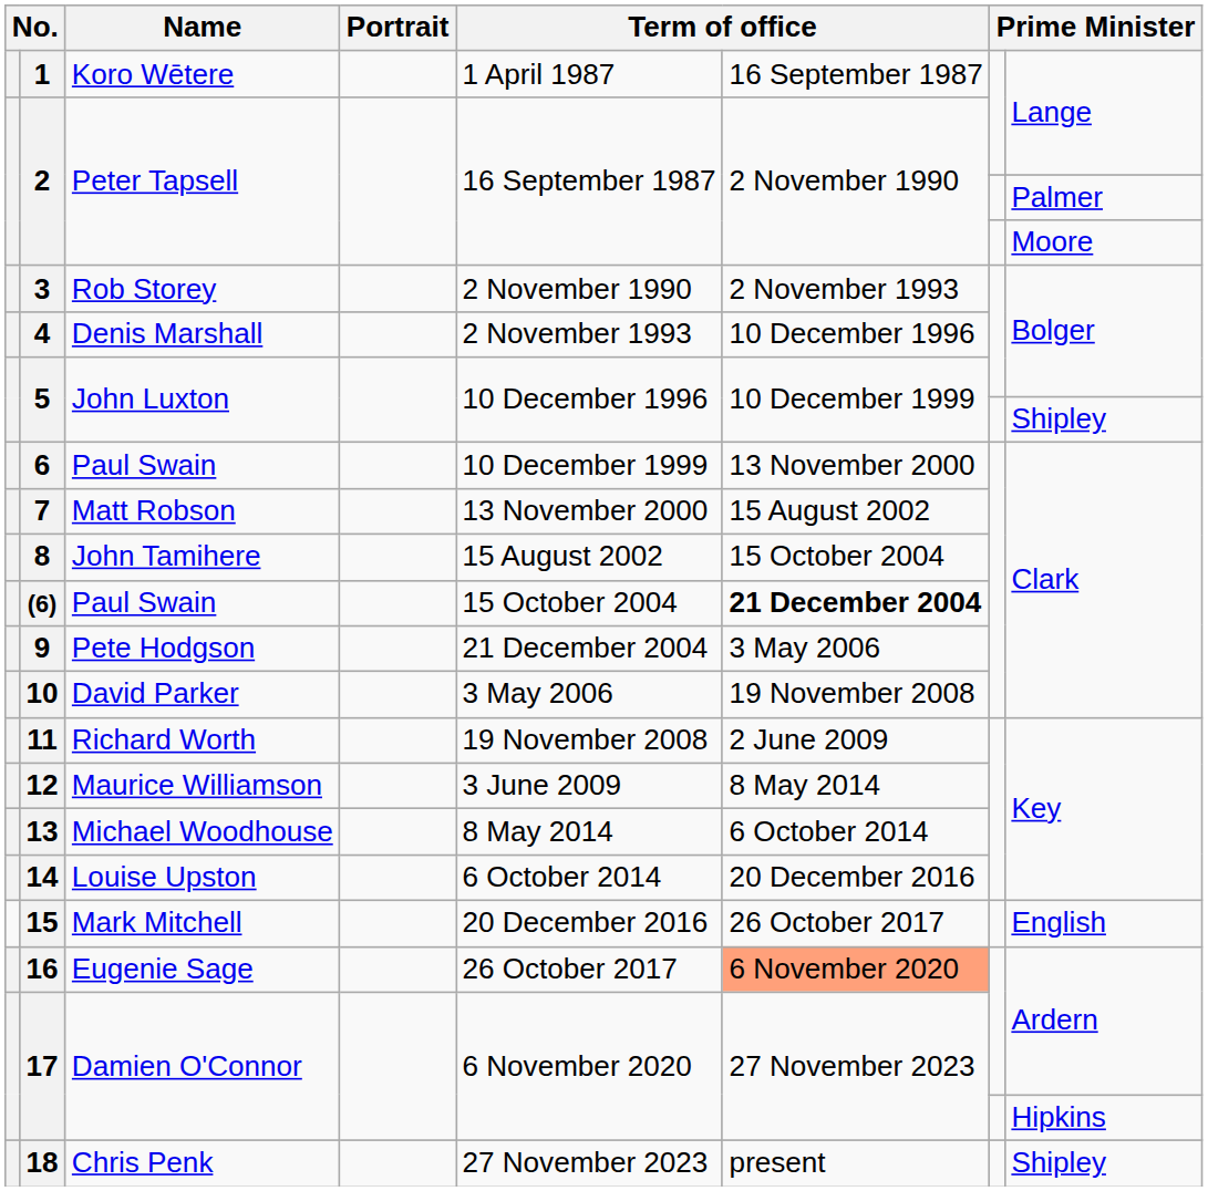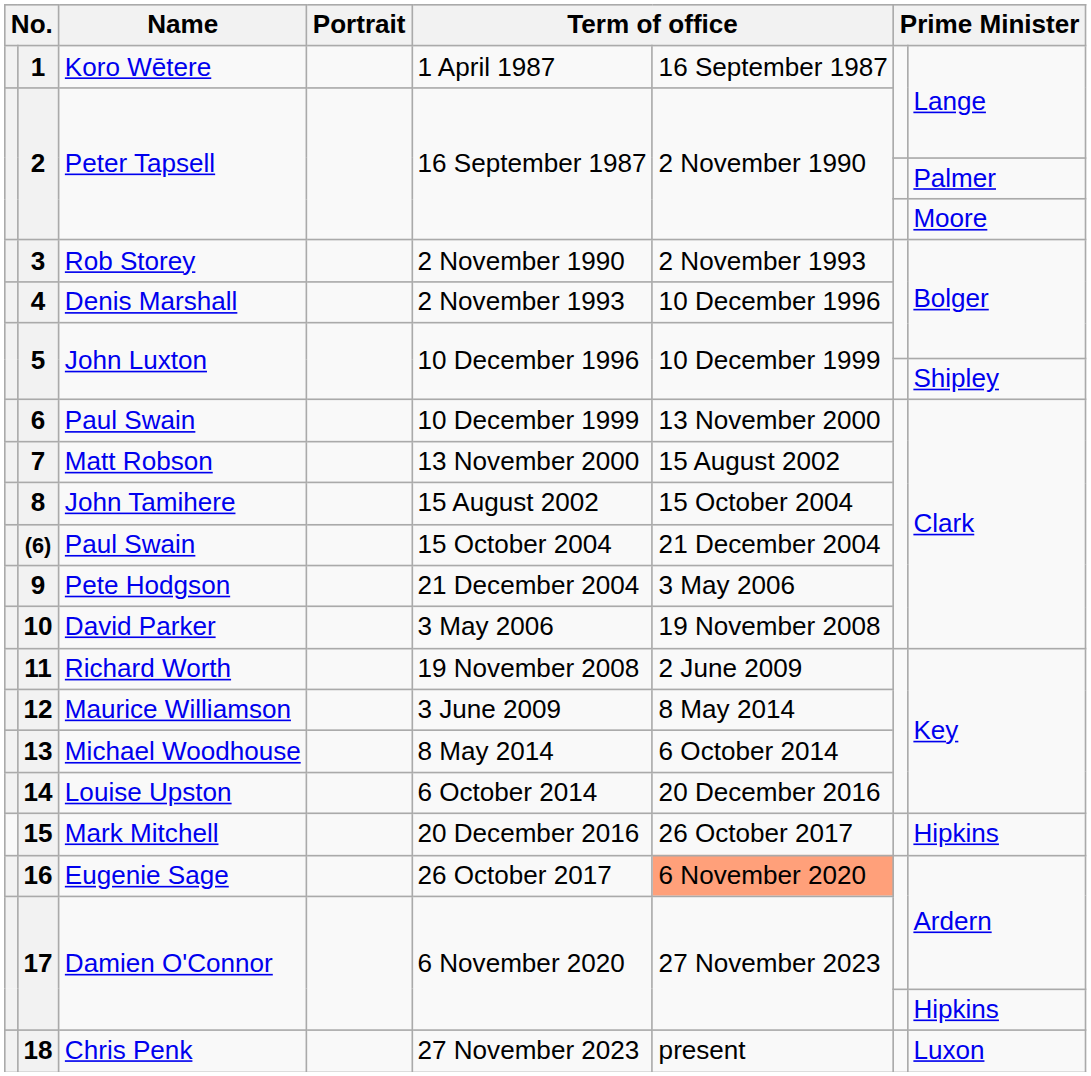 <table class="wikitable">
 <tr>
 <th colspan=2>No.</th>
 <th>Name</th>
 <th>Portrait</th>
 <th colspan=2>Term of office</th>
 <th colspan=2>Prime Minister</th>
 </tr>
 <tr>
 <th style="color:inherit;background:"></th>
 <th>1</th>
 <td><a href='#'>Koro Wētere</a></td>
 <td></td>
 <td>1 April 1987</td>
 <td>16 September 1987</td>
 <td width=1 style="border-bottom:solid 0 grey; background:"></td>
 <td rowspan=2><a href='#'>Lange</a></td>
 </tr>
 <tr>
 <th rowspan=3 style="color:inherit;background:"></th>
 <th rowspan=3>2</th>
 <td rowspan=3><a href='#'>Peter Tapsell</a></td>
 <td rowspan=3></td>
 <td rowspan=3>16 September 1987</td>
 <td rowspan=3>2 November 1990</td>
 <td height=36 style="border-top:solid 0 grey; background:"></td>
 </tr>
 <tr>
 <td style="color:inherit;background:"></td>
 <td><a href='#'>Palmer</a></td>
 </tr>
 <tr>
 <td style="color:inherit;background:"></td>
 <td><a href='#'>Moore</a></td>
 </tr>
 <tr>
 <th style="color:inherit;background:"></th>
 <th>3</th>
 <td><a href='#'>Rob Storey</a></td>
 <td></td>
 <td>2 November 1990</td>
 <td>2 November 1993</td>
 <td rowspan=3 style="color:inherit;background:"></td>
 <td rowspan=3><a href='#'>Bolger</a></td>
 </tr>
 <tr>
 <th style="color:inherit;background:"></th>
 <th>4</th>
 <td><a href='#'>Denis Marshall</a></td>
 <td></td>
 <td>2 November 1993</td>
 <td>10 December 1996</td>
 </tr>
 <tr>
 <th height=15 style="border-bottom:solid 0 grey; background:"></th>
 <th rowspan=2>5</th>
 <td rowspan=2><a href='#'>John Luxton</a></td>
 <td rowspan=2></td>
 <td rowspan=2>10 December 1996</td>
 <td rowspan=2>10 December 1999</td>
 </tr>
 <tr>
 <th height=15 style="border-top:solid 0 grey; background:"></th>
 <td style="color:inherit;background:"></td>
 <td><a href='#'>Shipley</a></td>
 </tr>
 <tr>
 <th style="color:inherit;background:"></th>
 <th>6</th>
 <td><a href='#'>Paul Swain</a></td>
 <td></td>
 <td>10 December 1999</td>
 <td>13 November 2000</td>
 <td rowspan=6 style="color:inherit;background:"></td>
 <td rowspan=6><a href='#'>Clark</a></td>
 </tr>
 <tr>
 <th style="color:inherit;background:"></th>
 <th>7</th>
 <td><a href='#'>Matt Robson</a></td>
 <td></td>
 <td>13 November 2000</td>
 <td>15 August 2002</td>
 </tr>
 <tr>
 <th style="color:inherit;background:"></th>
 <th>8</th>
 <td><a href='#'>John Tamihere</a></td>
 <td></td>
 <td>15 August 2002</td>
 <td>15 October 2004</td>
 </tr>
 <tr>
 <th style="color:inherit;background:"></th>
 <th><small>(6)</small></th>
 <td><a href='#'>Paul Swain</a></td>
 <td></td>
 <td>15 October 2004</td>
-<td><strong>21 December 2004</strong></td>
+<td>21 December 2004</td>
 </tr>
 <tr>
 <th style="color:inherit;background:"></th>
 <th>9</th>
 <td><a href='#'>Pete Hodgson</a></td>
 <td></td>
 <td>21 December 2004</td>
 <td>3 May 2006</td>
 </tr>
 <tr>
 <th style="color:inherit;background:"></th>
 <th>10</th>
 <td><a href='#'>David Parker</a></td>
 <td></td>
 <td>3 May 2006</td>
 <td>19 November 2008</td>
 </tr>
 <tr>
 <th style="color:inherit;background:"></th>
 <th>11</th>
 <td><a href='#'>Richard Worth</a></td>
 <td></td>
 <td>19 November 2008</td>
 <td>2 June 2009</td>
 <td rowspan=4 height=15 style="border-top:solid 0 gray; background:"></td>
 <td rowspan=4><a href='#'>Key</a></td>
 </tr>
 <tr>
 <th style="color:inherit;background:"></th>
 <th>12</th>
 <td><a href='#'>Maurice Williamson</a></td>
 <td></td>
 <td>3 June 2009</td>
 <td>8 May 2014</td>
 </tr>
 <tr>
 <th style="color:inherit;background:"></th>
 <th>13</th>
 <td><a href='#'>Michael Woodhouse</a></td>
 <td></td>
 <td>8 May 2014</td>
 <td>6 October 2014</td>
 </tr>
 <tr>
 <th style="color:inherit;background:"></th>
 <th>14</th>
 <td><a href='#'>Louise Upston</a></td>
 <td></td>
 <td>6 October 2014</td>
 <td>20 December 2016</td>
 </tr>
 <tr>
 <td style="color:inherit;background:"></td>
 <th>15</th>
 <td><a href='#'>Mark Mitchell</a></td>
 <td></td>
 <td>20 December 2016</td>
 <td>26 October 2017</td>
 <td style="color:inherit;background:"></td>
-<td><a href='#'>English</a></td>
+<td><a href='#'>Hipkins</a></td>
 </tr>
 <tr>
 <th style="color:inherit;background:"></th>
 <th>16</th>
 <td><a href='#'>Eugenie Sage</a></td>
 <td></td>
 <td>26 October 2017</td>
 <td style="background: lightsalmon;">6 November 2020</td>
 <td rowspan=2 style="color:inherit;background:"></td>
 <td rowspan=2><a href='#'>Ardern</a></td>
 </tr>
 <tr>
 <th height=50 style="border-bottom:solid 0 grey; background:"></th>
 <th rowspan="2">17</th>
 <td rowspan="2"><a href='#'>Damien O'Connor</a></td>
 <td rowspan="2"></td>
 <td rowspan="2">6 November 2020</td>
 <td rowspan="2">27 November 2023</td>
 </tr>
 <tr>
 <th height=15 style="border-top:solid 0 grey; background:"></th>
 <td style="color:inherit;background:"></td>
 <td><a href='#'>Hipkins</a></td>
 </tr>
 <tr>
 <th style="color:inherit;background:"></th>
 <th>18</th>
 <td><a href='#'>Chris Penk</a></td>
 <td></td>
 <td>27 November 2023</td>
 <td>present</td>
 <td style="color:inherit;background:"></td>
-<td><a href='#'>Shipley</a></td>
+<td><a href='#'>Luxon</a></td>
 </tr>
 </table>
